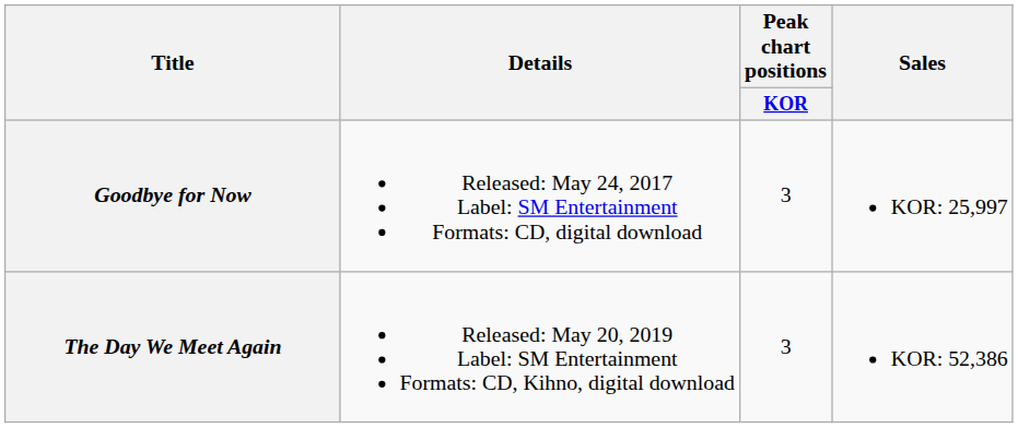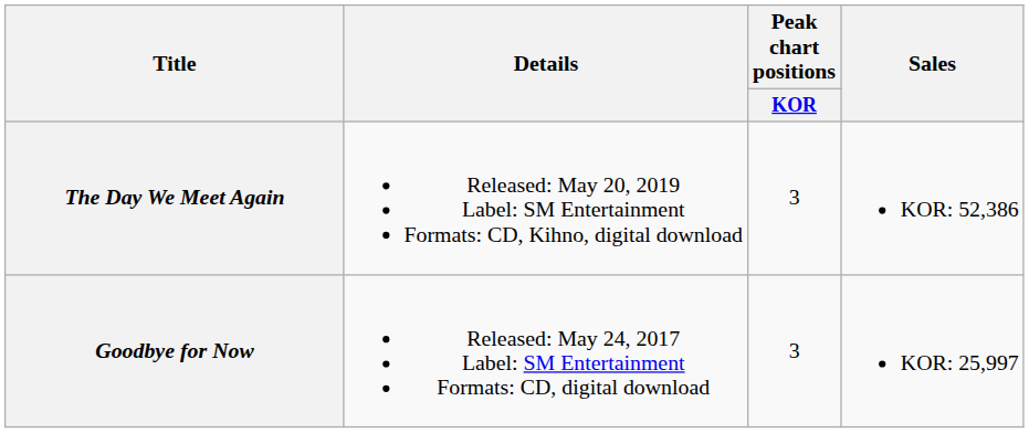 <table class="wikitable plainrowheaders" style="text-align:center;">
 <tr>
 <th scope=col rowspan="2" style="width:15em;">Title</th>
 <th scope=col rowspan="2">Details</th>
 <th scope=col colspan="1">Peak chart positions</th>
 <th scope=col rowspan="2">Sales</th>
 </tr>
 <tr>
 <th style="width:3em;font-size:90%;"><a href='#'>KOR</a><br></th>
 </tr>
 <tr>
+<th scope=row><em>The Day We Meet Again</em></th>
+<td><br><ul><li>Released: May 20, 2019</li><li>Label: SM Entertainment</li><li>Formats: CD, Kihno, digital download</li></ul></td>
+<td>3</td>
+<td><br><ul><li>KOR: 52,386</li></ul></td>
+</tr>
+<tr>
 <th scope=row><em>Goodbye for Now</em></th>
 <td><br><ul><li>Released: May 24, 2017</li><li>Label: <a href='#'>SM Entertainment</a></li><li>Formats: CD, digital download</li></ul></td>
 <td>3</td>
 <td><br><ul><li>KOR: 25,997</li></ul></td>
 </tr>
-<tr>
-<th scope=row><em>The Day We Meet Again</em></th>
-<td><br><ul><li>Released: May 20, 2019</li><li>Label: SM Entertainment</li><li>Formats: CD, Kihno, digital download</li></ul></td>
-<td>3</td>
-<td><br><ul><li>KOR: 52,386</li></ul></td>
-</tr>
 </table>
